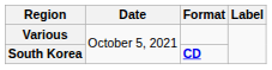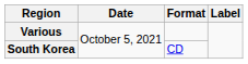 <table class="wikitable plainrowheaders">
 <tr>
 <th scope="col">Region</th>
 <th scope="col">Date</th>
 <th scope="col">Format</th>
 <th scope="col">Label</th>
 </tr>
 <tr>
 <th scope="row">Various</th>
 <td rowspan="2">October 5, 2021</td>
 <td></td>
 <td rowspan="2"></td>
 </tr>
 <tr>
 <th scope="row">South Korea</th>
-<td><strong><a href='#'>CD</a></strong></td>
+<td><a href='#'>CD</a></td>
 </tr>
 </table>
